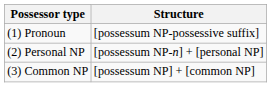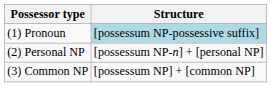 <table class="wikitable">
 <tr>
 <th>Possessor type</th>
 <th>Structure</th>
 </tr>
 <tr>
 <td>(1) Pronoun</td>
-<td>[possessum NP-possessive suffix]</td>
+<td style="background: lightblue;">[possessum NP-possessive suffix]</td>
 </tr>
 <tr>
 <td>(2) Personal NP</td>
 <td>[possessum NP-<em>n</em>] + [personal NP]</td>
 </tr>
 <tr>
 <td>(3) Common NP</td>
 <td>[possessum NP] + [common NP]</td>
 </tr>
 </table>
